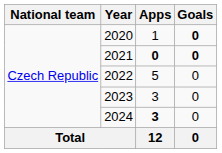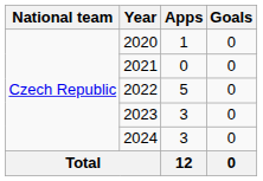 <table class="wikitable" style="text-align:center">
 <tr>
 <th>National team</th>
 <th>Year</th>
 <th>Apps</th>
 <th>Goals</th>
 </tr>
 <tr>
 <td rowspan="5"><a href='#'>Czech Republic</a></td>
 <td>2020</td>
 <td>1</td>
-<td><strong>0</strong></td>
+<td>0</td>
 </tr>
 <tr>
 <td>2021</td>
-<td><strong>0</strong></td>
-<td><strong>0</strong></td>
+<td>0</td>
+<td>0</td>
 </tr>
 <tr>
 <td>2022</td>
 <td>5</td>
 <td>0</td>
 </tr>
 <tr>
 <td>2023</td>
 <td>3</td>
 <td>0</td>
 </tr>
 <tr>
 <td>2024</td>
-<td><strong>3</strong></td>
+<td>3</td>
 <td>0</td>
 </tr>
 <tr>
 <th colspan="2">Total</th>
 <th>12</th>
 <th>0</th>
 </tr>
 </table>
